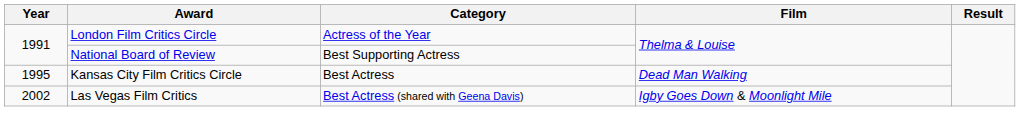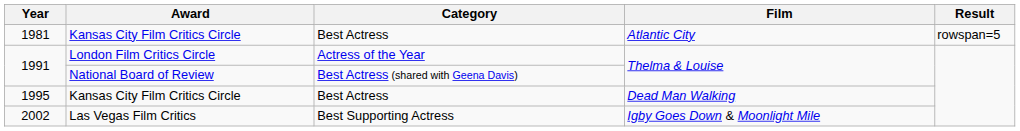 <table class="wikitable" width="100%" cellpadding="5">
 <tr>
 <th width="5%">Year</th>
 <th width="20%">Award</th>
 <th width="25%">Category</th>
 <th width="25%">Film</th>
 <th width="5%">Result</th>
 </tr>
 <tr>
+<td style="text-align:center;">1981</td>
+<td><a href='#'>Kansas City Film Critics Circle</a></td>
+<td>Best Actress</td>
+<td><em><a href='#'>Atlantic City</a></em></td>
+<td>rowspan=5 </td>
+</tr>
+<tr>
 <td style="text-align:center;" rowspan=2>1991</td>
 <td><a href='#'>London Film Critics Circle</a></td>
 <td><a href='#'>Actress of the Year</a></td>
 <td rowspan=2><em><a href='#'>Thelma & Louise</a></em></td>
 </tr>
 <tr>
 <td><a href='#'>National Board of Review</a></td>
-<td>Best Supporting Actress</td>
+<td><a href='#'>Best Actress</a><small> (shared with <a href='#'>Geena Davis</a>)</small></td>
 </tr>
 <tr>
 <td style="text-align:center;">1995</td>
 <td>Kansas City Film Critics Circle</td>
 <td>Best Actress</td>
 <td><em><a href='#'>Dead Man Walking</a></em></td>
 </tr>
 <tr>
 <td style="text-align:center;">2002</td>
 <td>Las Vegas Film Critics</td>
-<td><a href='#'>Best Actress</a><small> (shared with <a href='#'>Geena Davis</a>)</small></td>
+<td>Best Supporting Actress</td>
 <td><em><a href='#'>Igby Goes Down</a></em> & <em><a href='#'>Moonlight Mile</a></em></td>
 </tr>
 </table>
